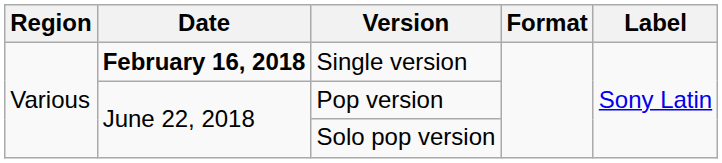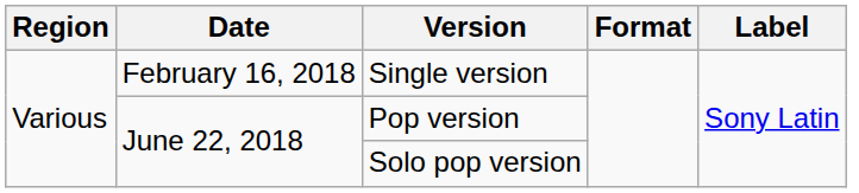 <table class=wikitable>
 <tr>
 <th scope="col">Region</th>
 <th scope="col">Date</th>
 <th scope="col">Version</th>
 <th scope="col">Format</th>
 <th scope="col">Label</th>
 </tr>
 <tr>
 <td rowspan="3">Various</td>
-<td><strong>February 16, 2018</strong></td>
+<td>February 16, 2018</td>
 <td>Single version</td>
 <td rowspan="3"></td>
 <td rowspan="3"><a href='#'>Sony Latin</a></td>
 </tr>
 <tr>
 <td rowspan="2">June 22, 2018</td>
 <td>Pop version</td>
 </tr>
 <tr>
 <td>Solo pop version</td>
 </tr>
 </table>
